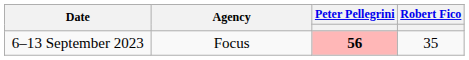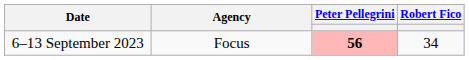 <table class="wikitable" style="text-align:center;">
 <tr style="font-size:80%;">
 <th style="width:150px;" rowspan="2">Date</th>
 <th style="width:165px;" rowspan="2">Agency</th>
 <th><a href='#'>Peter Pellegrini</a></th>
 <th><a href='#'>Robert Fico</a></th>
 </tr>
 <tr>
 <th style="background:"></th>
 <th style="background:"></th>
 </tr>
 <tr>
 <td>6–13 September 2023</td>
 <td>Focus</td>
 <td style="background:#FFB7B7;"><strong>56</strong></td>
-<td>35</td>
+<td>34</td>
 </tr>
 </table>
